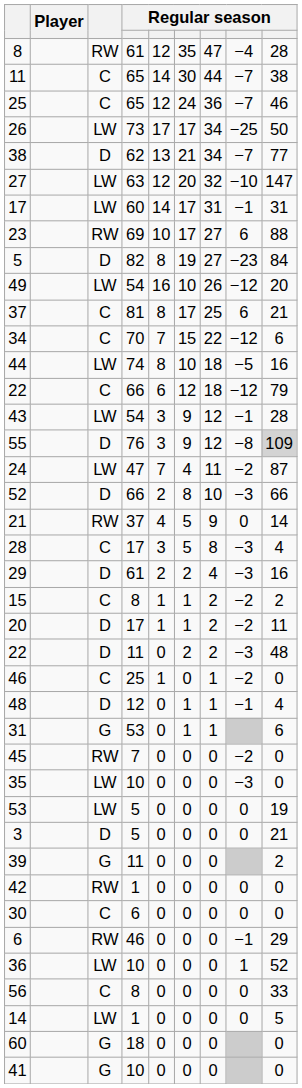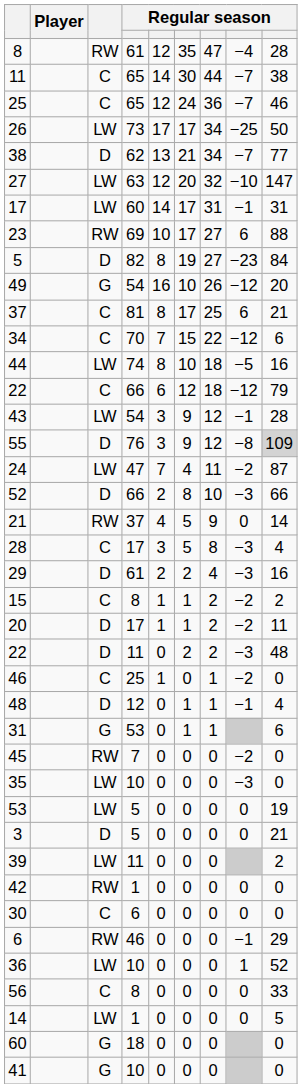 <table class="wikitable sortable plainrowheaders" style="text-align:center;">
 <tr>
 <th scope="col" data-sort-type="number" rowspan="2"></th>
 <th scope="col" rowspan="2">Player</th>
 <th scope="col" rowspan="2"></th>
 <th scope=colgroup colspan=6>Regular season</th>
 </tr>
 <tr>
 <th scope="col" data-sort-type="number"></th>
 <th scope="col" data-sort-type="number"></th>
 <th scope="col" data-sort-type="number"></th>
 <th scope="col" data-sort-type="number"></th>
 <th scope="col" data-sort-type="number"></th>
 <th scope="col" data-sort-type="number"></th>
 </tr>
 <tr>
 <td scope="row">8</td>
 <td align="left"></td>
 <td>RW</td>
 <td>61</td>
 <td>12</td>
 <td>35</td>
 <td>47</td>
 <td>−4</td>
 <td>28</td>
 </tr>
 <tr>
 <td scope="row">11</td>
 <td align="left"></td>
 <td>C</td>
 <td>65</td>
 <td>14</td>
 <td>30</td>
 <td>44</td>
 <td>−7</td>
 <td>38</td>
 </tr>
 <tr>
 <td scope="row">25</td>
 <td align="left"></td>
 <td>C</td>
 <td>65</td>
 <td>12</td>
 <td>24</td>
 <td>36</td>
 <td>−7</td>
 <td>46</td>
 </tr>
 <tr>
 <td scope="row">26</td>
 <td align="left"></td>
 <td>LW</td>
 <td>73</td>
 <td>17</td>
 <td>17</td>
 <td>34</td>
 <td>−25</td>
 <td>50</td>
 </tr>
 <tr>
 <td scope="row">38</td>
 <td align="left"></td>
 <td>D</td>
 <td>62</td>
 <td>13</td>
 <td>21</td>
 <td>34</td>
 <td>−7</td>
 <td>77</td>
 </tr>
 <tr>
 <td scope="row">27</td>
 <td align="left"></td>
 <td>LW</td>
 <td>63</td>
 <td>12</td>
 <td>20</td>
 <td>32</td>
 <td>−10</td>
 <td>147</td>
 </tr>
 <tr>
 <td scope="row">17</td>
 <td align="left"></td>
 <td>LW</td>
 <td>60</td>
 <td>14</td>
 <td>17</td>
 <td>31</td>
 <td>−1</td>
 <td>31</td>
 </tr>
 <tr>
 <td scope="row">23</td>
 <td align="left"></td>
 <td>RW</td>
 <td>69</td>
 <td>10</td>
 <td>17</td>
 <td>27</td>
 <td>6</td>
 <td>88</td>
 </tr>
 <tr>
 <td scope="row">5</td>
 <td align="left"></td>
 <td>D</td>
 <td>82</td>
 <td>8</td>
 <td>19</td>
 <td>27</td>
 <td>−23</td>
 <td>84</td>
 </tr>
 <tr>
 <td scope="row">49</td>
 <td align="left"></td>
-<td>LW</td>
+<td>G</td>
 <td>54</td>
 <td>16</td>
 <td>10</td>
 <td>26</td>
 <td>−12</td>
 <td>20</td>
 </tr>
 <tr>
 <td scope="row">37</td>
 <td align="left"></td>
 <td>C</td>
 <td>81</td>
 <td>8</td>
 <td>17</td>
 <td>25</td>
 <td>6</td>
 <td>21</td>
 </tr>
 <tr>
 <td scope="row">34</td>
 <td align="left"></td>
 <td>C</td>
 <td>70</td>
 <td>7</td>
 <td>15</td>
 <td>22</td>
 <td>−12</td>
 <td>6</td>
 </tr>
 <tr>
 <td scope="row">44</td>
 <td align="left"></td>
 <td>LW</td>
 <td>74</td>
 <td>8</td>
 <td>10</td>
 <td>18</td>
 <td>−5</td>
 <td>16</td>
 </tr>
 <tr>
 <td scope="row">22</td>
 <td align="left"></td>
 <td>C</td>
 <td>66</td>
 <td>6</td>
 <td>12</td>
 <td>18</td>
 <td>−12</td>
 <td>79</td>
 </tr>
 <tr>
 <td scope="row">43</td>
 <td align="left"></td>
 <td>LW</td>
 <td>54</td>
 <td>3</td>
 <td>9</td>
 <td>12</td>
 <td>−1</td>
 <td>28</td>
 </tr>
 <tr>
 <td scope="row">55</td>
 <td align="left"></td>
 <td>D</td>
 <td>76</td>
 <td>3</td>
 <td>9</td>
 <td>12</td>
 <td>−8</td>
 <td style="background: lightgrey;">109</td>
 </tr>
 <tr>
 <td scope="row">24</td>
 <td align="left"></td>
 <td>LW</td>
 <td>47</td>
 <td>7</td>
 <td>4</td>
 <td>11</td>
 <td>−2</td>
 <td>87</td>
 </tr>
 <tr>
 <td scope="row">52</td>
 <td align="left"></td>
 <td>D</td>
 <td>66</td>
 <td>2</td>
 <td>8</td>
 <td>10</td>
 <td>−3</td>
 <td>66</td>
 </tr>
 <tr>
 <td scope="row">21</td>
 <td align="left"></td>
 <td>RW</td>
 <td>37</td>
 <td>4</td>
 <td>5</td>
 <td>9</td>
 <td>0</td>
 <td>14</td>
 </tr>
 <tr>
 <td scope="row">28</td>
 <td align="left"></td>
 <td>C</td>
 <td>17</td>
 <td>3</td>
 <td>5</td>
 <td>8</td>
 <td>−3</td>
 <td>4</td>
 </tr>
 <tr>
 <td scope="row">29</td>
 <td align="left"></td>
 <td>D</td>
 <td>61</td>
 <td>2</td>
 <td>2</td>
 <td>4</td>
 <td>−3</td>
 <td>16</td>
 </tr>
 <tr>
 <td scope="row">15</td>
 <td align="left"></td>
 <td>C</td>
 <td>8</td>
 <td>1</td>
 <td>1</td>
 <td>2</td>
 <td>−2</td>
 <td>2</td>
 </tr>
 <tr>
 <td scope="row">20</td>
 <td align="left"></td>
 <td>D</td>
 <td>17</td>
 <td>1</td>
 <td>1</td>
 <td>2</td>
 <td>−2</td>
 <td>11</td>
 </tr>
 <tr>
 <td scope="row">22</td>
 <td align="left"></td>
 <td>D</td>
 <td>11</td>
 <td>0</td>
 <td>2</td>
 <td>2</td>
 <td>−3</td>
 <td>48</td>
 </tr>
 <tr>
 <td scope="row">46</td>
 <td align="left"></td>
 <td>C</td>
 <td>25</td>
 <td>1</td>
 <td>0</td>
 <td>1</td>
 <td>−2</td>
 <td>0</td>
 </tr>
 <tr>
 <td scope="row">48</td>
 <td align="left"></td>
 <td>D</td>
 <td>12</td>
 <td>0</td>
 <td>1</td>
 <td>1</td>
 <td>−1</td>
 <td>4</td>
 </tr>
 <tr>
 <td scope="row">31</td>
 <td align="left"></td>
 <td>G</td>
 <td>53</td>
 <td>0</td>
 <td>1</td>
 <td>1</td>
 <td style="background:#ccc"></td>
 <td>6</td>
 </tr>
 <tr>
 <td scope="row">45</td>
 <td align="left"></td>
 <td>RW</td>
 <td>7</td>
 <td>0</td>
 <td>0</td>
 <td>0</td>
 <td>−2</td>
 <td>0</td>
 </tr>
 <tr>
 <td scope="row">35</td>
 <td align="left"></td>
 <td>LW</td>
 <td>10</td>
 <td>0</td>
 <td>0</td>
 <td>0</td>
 <td>−3</td>
 <td>0</td>
 </tr>
 <tr>
 <td scope="row">53</td>
 <td align="left"></td>
 <td>LW</td>
 <td>5</td>
 <td>0</td>
 <td>0</td>
 <td>0</td>
 <td>0</td>
 <td>19</td>
 </tr>
 <tr>
 <td scope="row">3</td>
 <td align="left"></td>
 <td>D</td>
 <td>5</td>
 <td>0</td>
 <td>0</td>
 <td>0</td>
 <td>0</td>
 <td>21</td>
 </tr>
 <tr>
 <td scope="row">39</td>
 <td align="left"></td>
-<td>G</td>
+<td>LW</td>
 <td>11</td>
 <td>0</td>
 <td>0</td>
 <td>0</td>
 <td style="background:#ccc"></td>
 <td>2</td>
 </tr>
 <tr>
 <td scope="row">42</td>
 <td align="left"></td>
 <td>RW</td>
 <td>1</td>
 <td>0</td>
 <td>0</td>
 <td>0</td>
 <td>0</td>
 <td>0</td>
 </tr>
 <tr>
 <td scope="row">30</td>
 <td align="left"></td>
 <td>C</td>
 <td>6</td>
 <td>0</td>
 <td>0</td>
 <td>0</td>
 <td>0</td>
 <td>0</td>
 </tr>
 <tr>
 <td scope="row">6</td>
 <td align="left"></td>
 <td>RW</td>
 <td>46</td>
 <td>0</td>
 <td>0</td>
 <td>0</td>
 <td>−1</td>
 <td>29</td>
 </tr>
 <tr>
 <td scope="row">36</td>
 <td align="left"></td>
 <td>LW</td>
 <td>10</td>
 <td>0</td>
 <td>0</td>
 <td>0</td>
 <td>1</td>
 <td>52</td>
 </tr>
 <tr>
 <td scope="row">56</td>
 <td align="left"></td>
 <td>C</td>
 <td>8</td>
 <td>0</td>
 <td>0</td>
 <td>0</td>
 <td>0</td>
 <td>33</td>
 </tr>
 <tr>
 <td scope="row">14</td>
 <td align="left"></td>
 <td>LW</td>
 <td>1</td>
 <td>0</td>
 <td>0</td>
 <td>0</td>
 <td>0</td>
 <td>5</td>
 </tr>
 <tr>
 <td scope="row">60</td>
 <td align="left"></td>
 <td>G</td>
 <td>18</td>
 <td>0</td>
 <td>0</td>
 <td>0</td>
 <td style="background:#ccc"></td>
 <td>0</td>
 </tr>
 <tr>
 <td scope="row">41</td>
 <td align="left"></td>
 <td>G</td>
 <td>10</td>
 <td>0</td>
 <td>0</td>
 <td>0</td>
 <td style="background:#ccc"></td>
 <td>0</td>
 </tr>
 </table>
